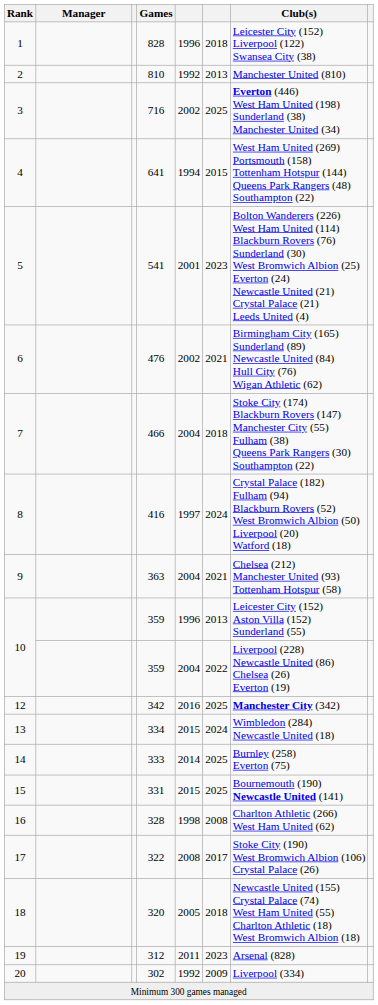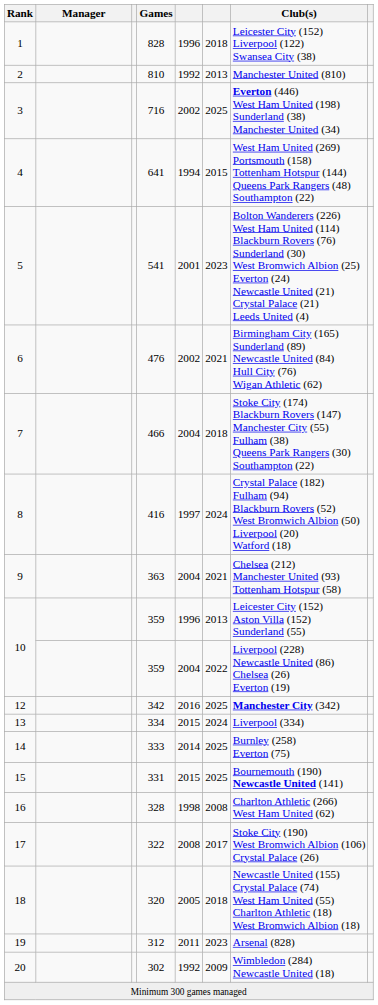 <table class="wikitable sortable nowrap" style="text-align:center">
 <tr>
 <th>Rank</th>
 <th width=130>Manager</th>
 <th></th>
 <th>Games</th>
 <th></th>
 <th></th>
 <th class="unsortable">Club(s)</th>
 <th class="unsortable"></th>
 </tr>
 <tr>
 <td>1</td>
 <td style="text-align:left;"></td>
 <td></td>
 <td>828</td>
 <td>1996</td>
 <td>2018</td>
 <td style="text-align:left;"><a href='#'>Leicester City</a> (152)<br><a href='#'>Liverpool</a> (122)<br><a href='#'>Swansea City</a> (38)</td>
 <td></td>
 </tr>
 <tr>
 <td>2</td>
 <td style="text-align:left;"></td>
 <td></td>
 <td>810</td>
 <td>1992</td>
 <td>2013</td>
 <td style="text-align:left;"><a href='#'>Manchester United</a> (810)</td>
 <td></td>
 </tr>
 <tr>
 <td>3</td>
 <td style="text-align:left;"><strong></strong></td>
 <td></td>
 <td>716</td>
 <td>2002</td>
 <td>2025</td>
 <td style="text-align:left;"><strong><a href='#'>Everton</a></strong> (446)<br><a href='#'>West Ham United</a> (198)<br><a href='#'>Sunderland</a> (38)<br><a href='#'>Manchester United</a> (34)</td>
 <td></td>
 </tr>
 <tr>
 <td>4</td>
 <td style="text-align:left;"></td>
 <td></td>
 <td>641</td>
 <td>1994</td>
 <td>2015</td>
 <td style="text-align:left;"><a href='#'>West Ham United</a> (269)<br><a href='#'>Portsmouth</a> (158)<br><a href='#'>Tottenham Hotspur</a> (144)<br><a href='#'>Queens Park Rangers</a> (48)<br><a href='#'>Southampton</a> (22)</td>
 <td></td>
 </tr>
 <tr>
 <td>5</td>
 <td style="text-align:left;"></td>
 <td></td>
 <td>541</td>
 <td>2001</td>
 <td>2023</td>
 <td style="text-align:left;"><a href='#'>Bolton Wanderers</a> (226)<br><a href='#'>West Ham United</a> (114)<br><a href='#'>Blackburn Rovers</a> (76)<br><a href='#'>Sunderland</a> (30)<br><a href='#'>West Bromwich Albion</a> (25)<br><a href='#'>Everton</a> (24)<br><a href='#'>Newcastle United</a> (21)<br><a href='#'>Crystal Palace</a> (21)<br><a href='#'>Leeds United</a> (4)</td>
 <td></td>
 </tr>
 <tr>
 <td>6</td>
 <td style="text-align:left;"></td>
 <td></td>
 <td>476</td>
 <td>2002</td>
 <td>2021</td>
 <td style="text-align:left;"><a href='#'>Birmingham City</a> (165)<br><a href='#'>Sunderland</a> (89)<br><a href='#'>Newcastle United</a> (84)<br><a href='#'>Hull City</a> (76)<br><a href='#'>Wigan Athletic</a> (62)</td>
 <td></td>
 </tr>
 <tr>
 <td>7</td>
 <td style="text-align:left;"></td>
 <td></td>
 <td>466</td>
 <td>2004</td>
 <td>2018</td>
 <td style="text-align:left;"><a href='#'>Stoke City</a> (174)<br><a href='#'>Blackburn Rovers</a> (147)<br><a href='#'>Manchester City</a> (55)<br><a href='#'>Fulham</a> (38)<br><a href='#'>Queens Park Rangers</a> (30)<br><a href='#'>Southampton</a> (22)</td>
 <td></td>
 </tr>
 <tr>
 <td>8</td>
 <td style="text-align:left;"></td>
 <td></td>
 <td>416</td>
 <td>1997</td>
 <td>2024</td>
 <td style="text-align:left;"><a href='#'>Crystal Palace</a> (182)<br><a href='#'>Fulham</a> (94)<br><a href='#'>Blackburn Rovers</a> (52)<br><a href='#'>West Bromwich Albion</a> (50)<br><a href='#'>Liverpool</a> (20)<br><a href='#'>Watford</a> (18)</td>
 <td></td>
 </tr>
 <tr>
 <td>9</td>
 <td style="text-align:left;"></td>
 <td></td>
 <td>363</td>
 <td>2004</td>
 <td>2021</td>
 <td style="text-align:left;"><a href='#'>Chelsea</a> (212)<br><a href='#'>Manchester United</a> (93)<br><a href='#'>Tottenham Hotspur</a> (58)</td>
 <td></td>
 </tr>
 <tr>
 <td rowspan=2>10</td>
 <td style="text-align:left;"></td>
 <td></td>
 <td>359</td>
 <td>1996</td>
 <td>2013</td>
 <td style="text-align:left;"><a href='#'>Leicester City</a> (152)<br><a href='#'>Aston Villa</a> (152)<br><a href='#'>Sunderland</a> (55)</td>
 <td></td>
 </tr>
 <tr>
 <td style="text-align:left;"></td>
 <td></td>
 <td>359</td>
 <td>2004</td>
 <td>2022</td>
 <td style="text-align:left;"><a href='#'>Liverpool</a> (228)<br><a href='#'>Newcastle United</a> (86)<br><a href='#'>Chelsea</a> (26)<br><a href='#'>Everton</a> (19)</td>
 <td></td>
 </tr>
 <tr>
 <td>12</td>
 <td style="text-align:left;"><strong></strong></td>
 <td></td>
 <td>342</td>
 <td>2016</td>
 <td>2025</td>
 <td style="text-align:left;"><strong><a href='#'>Manchester City</a></strong> (342)</td>
 <td></td>
 </tr>
 <tr>
 <td>13</td>
 <td style="text-align:left;"></td>
 <td></td>
 <td>334</td>
 <td>2015</td>
 <td>2024</td>
-<td style="text-align:left;"><a href='#'>Wimbledon</a> (284)<br><a href='#'>Newcastle United</a> (18)</td>
+<td style="text-align:left;"><a href='#'>Liverpool</a> (334)</td>
 <td></td>
 </tr>
 <tr>
 <td>14</td>
 <td style="text-align:left;"></td>
 <td></td>
 <td>333</td>
 <td>2014</td>
 <td>2025</td>
 <td style="text-align:left;"><a href='#'>Burnley</a> (258)<br><a href='#'>Everton</a> (75)</td>
 <td></td>
 </tr>
 <tr>
 <td>15</td>
 <td style="text-align:left;"><strong></strong></td>
 <td></td>
 <td>331</td>
 <td>2015</td>
 <td>2025</td>
 <td style="text-align:left;"><a href='#'>Bournemouth</a> (190)<br><strong><a href='#'>Newcastle United</a></strong> (141)</td>
 <td></td>
 </tr>
 <tr>
 <td>16</td>
 <td style="text-align:left;"></td>
 <td></td>
 <td>328</td>
 <td>1998</td>
 <td>2008</td>
 <td style="text-align:left;"><a href='#'>Charlton Athletic</a> (266)<br><a href='#'>West Ham United</a> (62)</td>
 <td></td>
 </tr>
 <tr>
 <td>17</td>
 <td style="text-align:left;"></td>
 <td></td>
 <td>322</td>
 <td>2008</td>
 <td>2017</td>
 <td style="text-align:left;"><a href='#'>Stoke City</a> (190)<br><a href='#'>West Bromwich Albion</a> (106)<br><a href='#'>Crystal Palace</a> (26)</td>
 <td></td>
 </tr>
 <tr>
 <td>18</td>
 <td style="text-align:left;"></td>
 <td></td>
 <td>320</td>
 <td>2005</td>
 <td>2018</td>
 <td style="text-align:left;"><a href='#'>Newcastle United</a> (155)<br><a href='#'>Crystal Palace</a> (74)<br><a href='#'>West Ham United</a> (55)<br><a href='#'>Charlton Athletic</a> (18)<br><a href='#'>West Bromwich Albion</a> (18)</td>
 <td></td>
 </tr>
 <tr>
 <td>19</td>
 <td style="text-align:left;"></td>
 <td></td>
 <td>312</td>
 <td>2011</td>
 <td>2023</td>
 <td style="text-align:left;"><a href='#'>Arsenal</a> (828)</td>
 <td></td>
 </tr>
 <tr>
 <td>20</td>
 <td style="text-align:left;"></td>
 <td></td>
 <td>302</td>
 <td>1992</td>
 <td>2009</td>
-<td style="text-align:left;"><a href='#'>Liverpool</a> (334)</td>
+<td style="text-align:left;"><a href='#'>Wimbledon</a> (284)<br><a href='#'>Newcastle United</a> (18)</td>
 <td></td>
 </tr>
 <tr bgcolor=efefef class="sortbottom">
 <td colspan=8><small>Minimum 300 games managed</small></td>
 </tr>
 </table>
